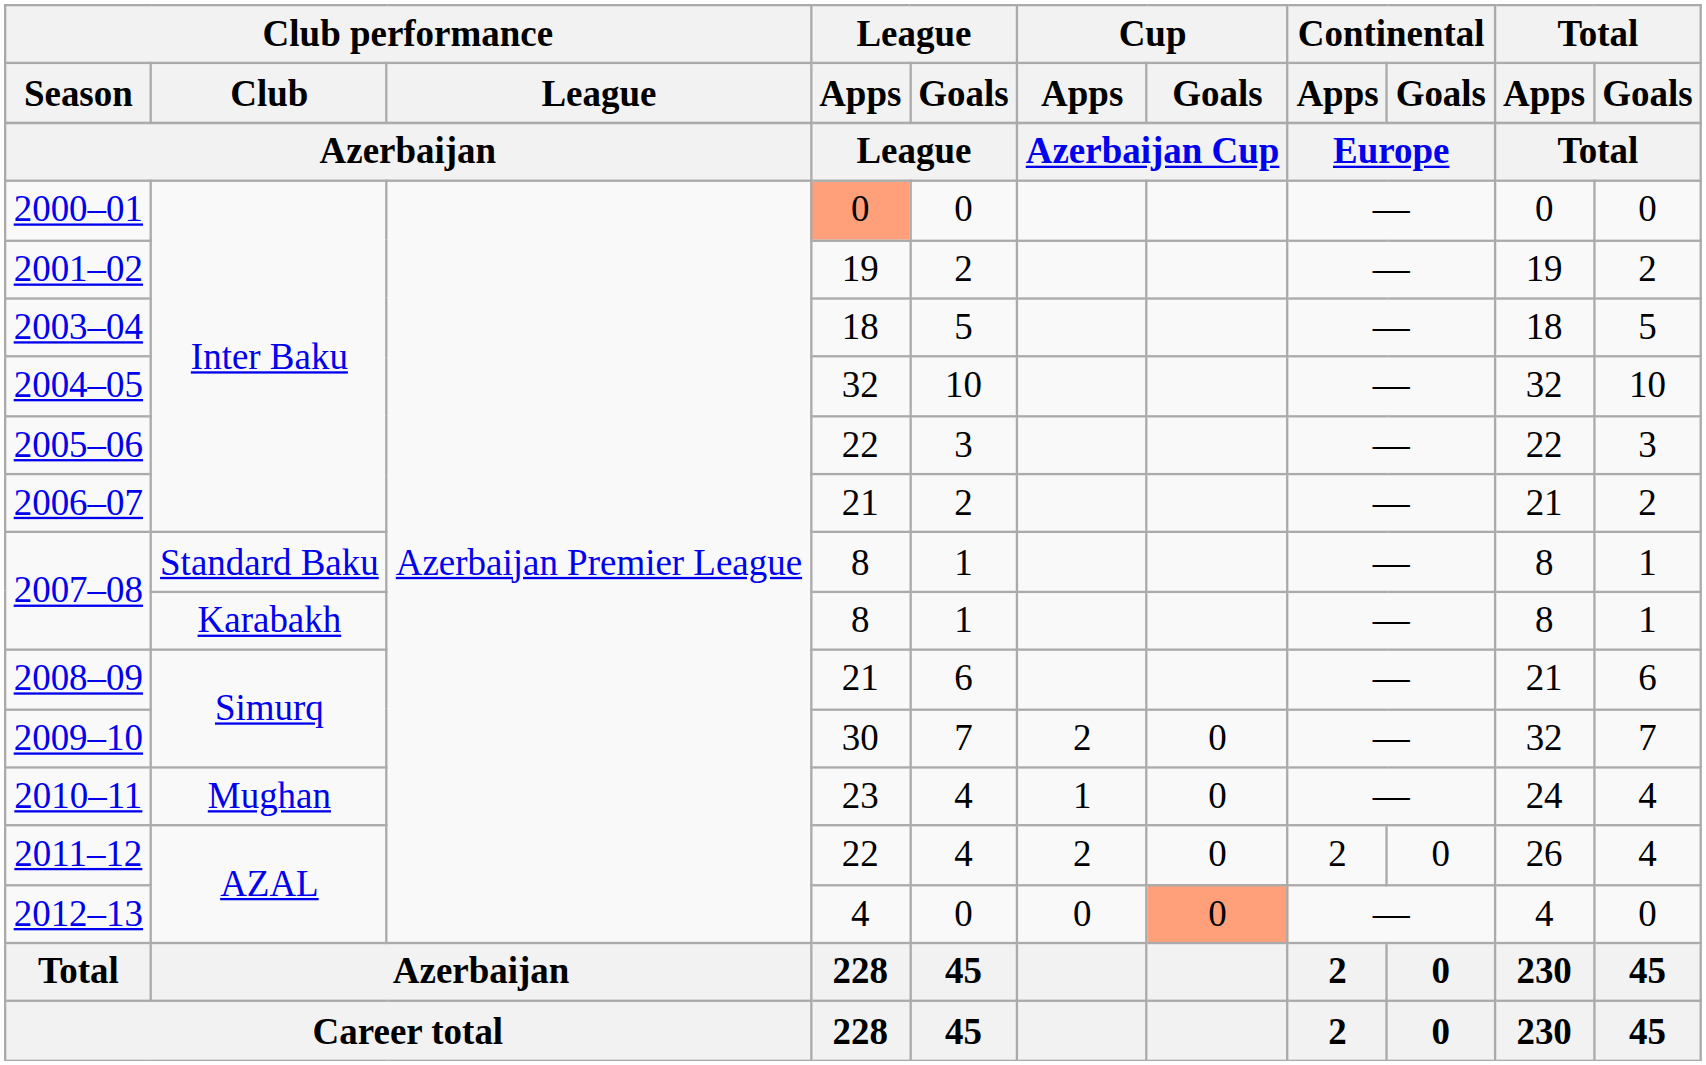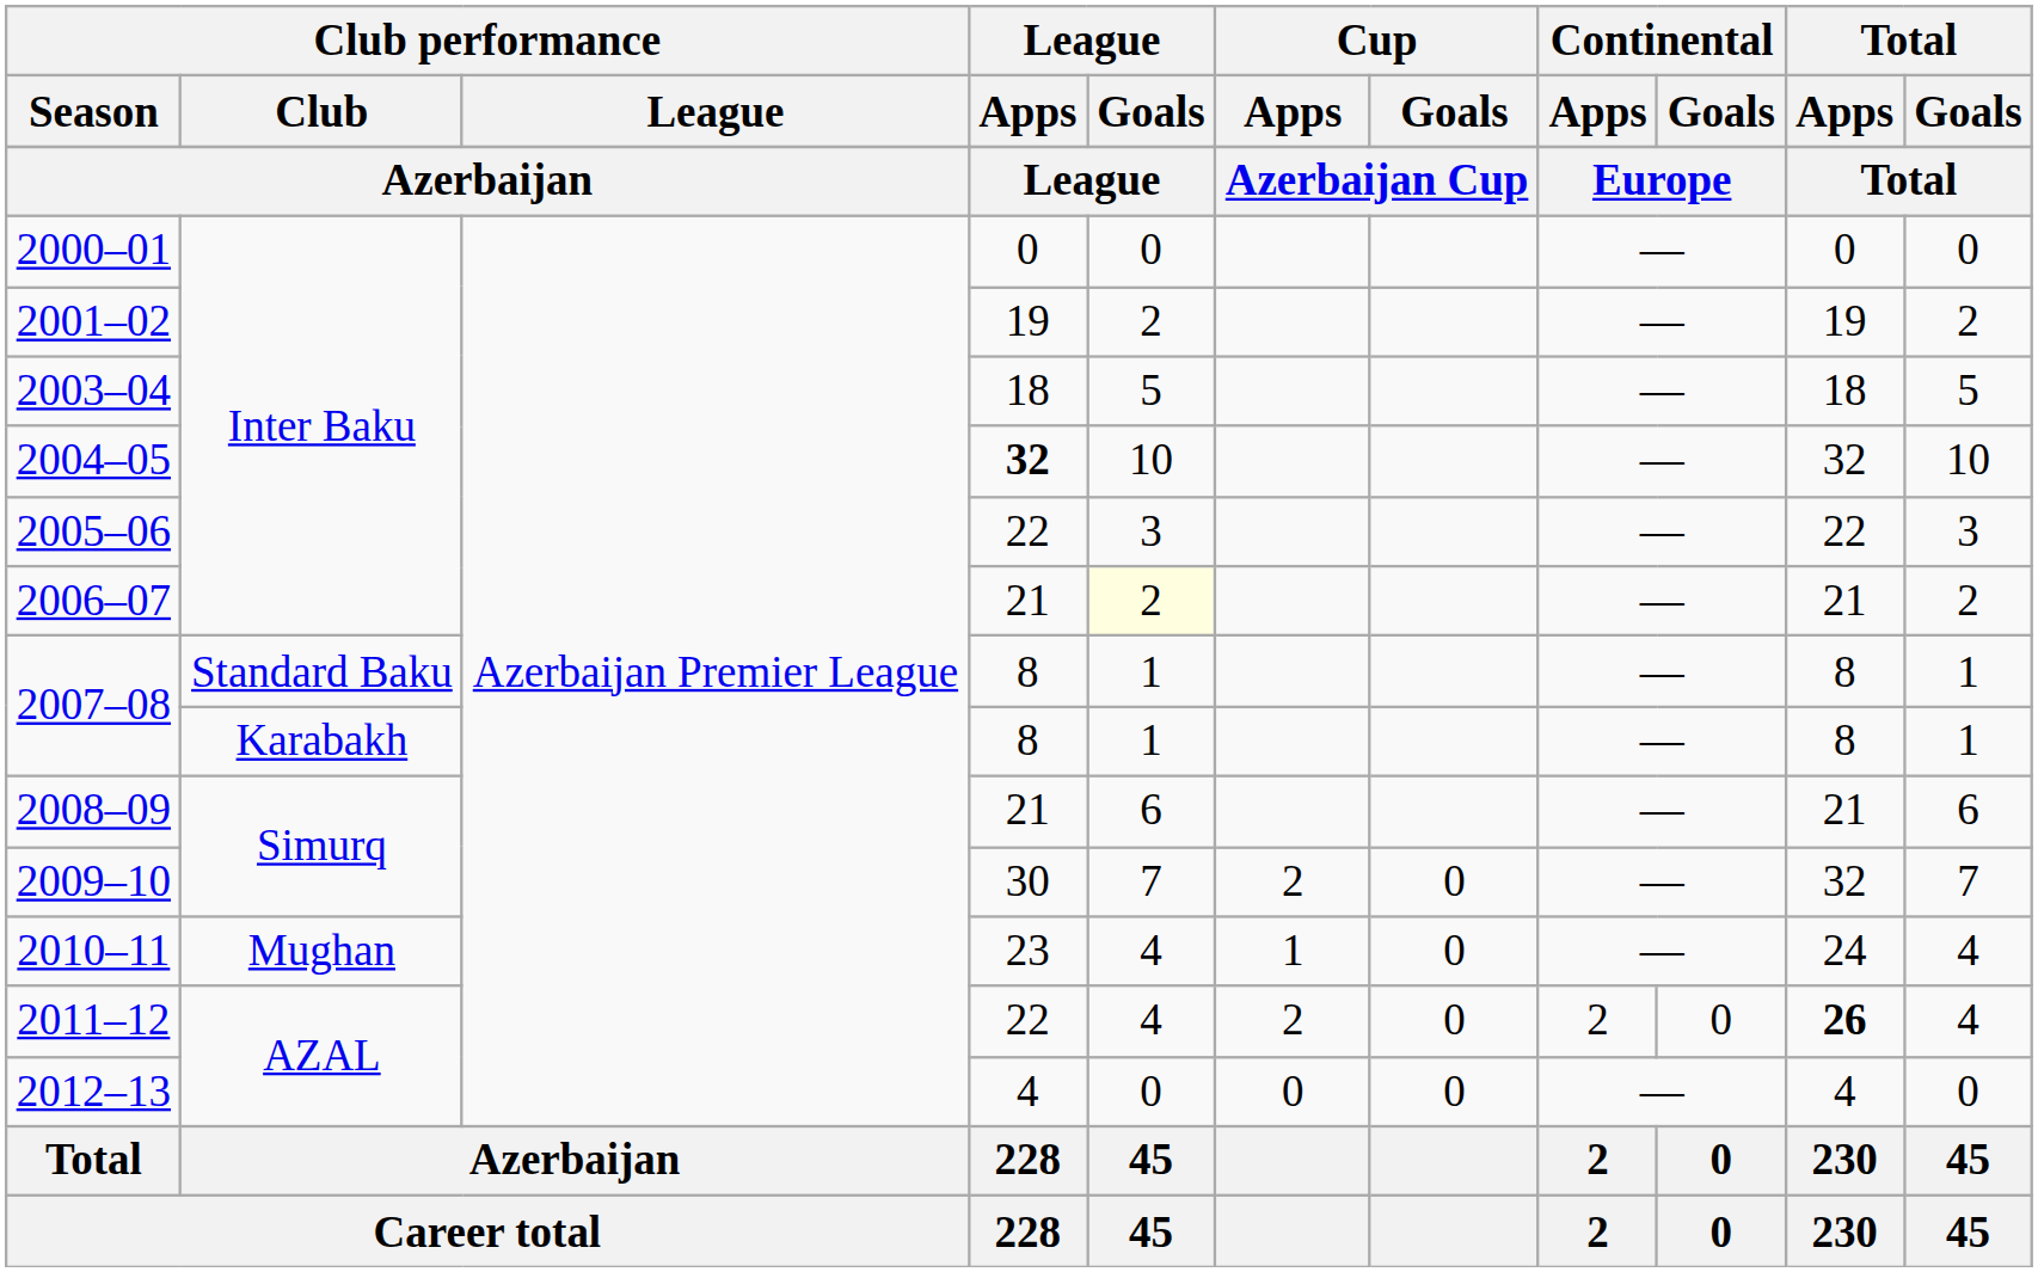 <table class="wikitable" style="text-align:center">
 <tr>
 <th colspan=3>Club performance</th>
 <th colspan=2>League</th>
 <th colspan=2>Cup</th>
 <th colspan=2>Continental</th>
 <th colspan=2>Total</th>
 </tr>
 <tr>
 <th>Season</th>
 <th>Club</th>
 <th>League</th>
 <th>Apps</th>
 <th>Goals</th>
 <th>Apps</th>
 <th>Goals</th>
 <th>Apps</th>
 <th>Goals</th>
 <th>Apps</th>
 <th>Goals</th>
 </tr>
 <tr>
 </tr>
 <tr>
 <th colspan=3>Azerbaijan</th>
 <th colspan=2>League</th>
 <th colspan=2><a href='#'>Azerbaijan Cup</a></th>
 <th colspan=2><a href='#'>Europe</a></th>
 <th colspan=2>Total</th>
 </tr>
 <tr>
 <td><a href='#'>2000–01</a></td>
 <td rowspan="6"><a href='#'>Inter Baku</a></td>
 <td rowspan="13"><a href='#'>Azerbaijan Premier League</a></td>
-<td style="background: lightsalmon;">0</td>
+<td>0</td>
 <td>0</td>
 <td></td>
 <td></td>
 <td colspan="2">—</td>
 <td>0</td>
 <td>0</td>
 </tr>
 <tr>
 <td><a href='#'>2001–02</a></td>
 <td>19</td>
 <td>2</td>
 <td></td>
 <td></td>
 <td colspan="2">—</td>
 <td>19</td>
 <td>2</td>
 </tr>
 <tr>
 <td><a href='#'>2003–04</a></td>
 <td>18</td>
 <td>5</td>
 <td></td>
 <td></td>
 <td colspan="2">—</td>
 <td>18</td>
 <td>5</td>
 </tr>
 <tr>
 <td><a href='#'>2004–05</a></td>
-<td>32</td>
+<td><strong>32</strong></td>
 <td>10</td>
 <td></td>
 <td></td>
 <td colspan="2">—</td>
 <td>32</td>
 <td>10</td>
 </tr>
 <tr>
 <td><a href='#'>2005–06</a></td>
 <td>22</td>
 <td>3</td>
 <td></td>
 <td></td>
 <td colspan="2">—</td>
 <td>22</td>
 <td>3</td>
 </tr>
 <tr>
 <td><a href='#'>2006–07</a></td>
 <td>21</td>
-<td>2</td>
+<td style="background: lightyellow;">2</td>
 <td></td>
 <td></td>
 <td colspan="2">—</td>
 <td>21</td>
 <td>2</td>
 </tr>
 <tr>
 <td rowspan="2"><a href='#'>2007–08</a></td>
 <td><a href='#'>Standard Baku</a></td>
 <td>8</td>
 <td>1</td>
 <td></td>
 <td></td>
 <td colspan="2">—</td>
 <td>8</td>
 <td>1</td>
 </tr>
 <tr>
 <td><a href='#'>Karabakh</a></td>
 <td>8</td>
 <td>1</td>
 <td></td>
 <td></td>
 <td colspan="2">—</td>
 <td>8</td>
 <td>1</td>
 </tr>
 <tr>
 <td><a href='#'>2008–09</a></td>
 <td rowspan="2"><a href='#'>Simurq</a></td>
 <td>21</td>
 <td>6</td>
 <td></td>
 <td></td>
 <td colspan="2">—</td>
 <td>21</td>
 <td>6</td>
 </tr>
 <tr>
 <td><a href='#'>2009–10</a></td>
 <td>30</td>
 <td>7</td>
 <td>2</td>
 <td>0</td>
 <td colspan="2">—</td>
 <td>32</td>
 <td>7</td>
 </tr>
 <tr>
 <td><a href='#'>2010–11</a></td>
 <td><a href='#'>Mughan</a></td>
 <td>23</td>
 <td>4</td>
 <td>1</td>
 <td>0</td>
 <td colspan="2">—</td>
 <td>24</td>
 <td>4</td>
 </tr>
 <tr>
 <td><a href='#'>2011–12</a></td>
 <td rowspan="2"><a href='#'>AZAL</a></td>
 <td>22</td>
 <td>4</td>
 <td>2</td>
 <td>0</td>
 <td>2</td>
 <td>0</td>
-<td>26</td>
+<td><strong>26</strong></td>
 <td>4</td>
 </tr>
 <tr>
 <td><a href='#'>2012–13</a></td>
 <td>4</td>
 <td>0</td>
 <td>0</td>
-<td style="background: lightsalmon;">0</td>
+<td>0</td>
 <td colspan="2">—</td>
 <td>4</td>
 <td>0</td>
 </tr>
 <tr>
 <th rowspan=1>Total</th>
 <th colspan=2>Azerbaijan</th>
 <th>228</th>
 <th>45</th>
 <th></th>
 <th></th>
 <th>2</th>
 <th>0</th>
 <th>230</th>
 <th>45</th>
 </tr>
 <tr>
 <th colspan=3>Career total</th>
 <th>228</th>
 <th>45</th>
 <th></th>
 <th></th>
 <th>2</th>
 <th>0</th>
 <th>230</th>
 <th>45</th>
 </tr>
 </table>
